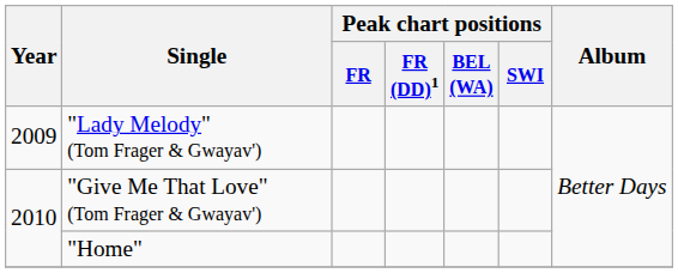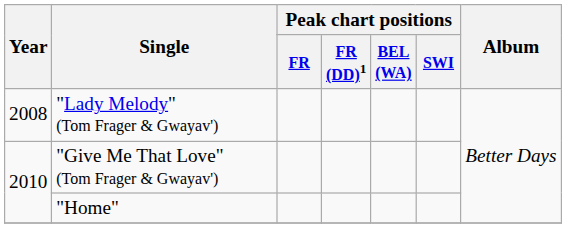 <table class="wikitable">
 <tr>
 <th align="center" rowspan="2">Year</th>
 <th align="center" rowspan="2" width="180">Single</th>
 <th align="center" colspan="4">Peak chart positions</th>
 <th align="center" rowspan="2">Album</th>
 </tr>
 <tr ----->
 <th width="30"><small><a href='#'>FR</a></small></th>
 <th width="30"><small><a href='#'>FR (DD)</a><sup>1</sup></small></th>
 <th width="30"><small><a href='#'>BEL (WA)</a></small></th>
 <th width="30"><small><a href='#'>SWI</a></small></th>
 </tr>
 <tr ----->
-<td align="center">2009</td>
+<td align="center">2008</td>
 <td>"<a href='#'>Lady Melody</a>" <br> <small>(Tom Frager & Gwayav')</small></td>
 <td></td>
 <td></td>
 <td></td>
 <td></td>
 <td rowspan="3"><em>Better Days</em></td>
 </tr>
 <tr>
 <td align="center" rowspan="2">2010</td>
 <td>"Give Me That Love" <br> <small>(Tom Frager & Gwayav')</small></td>
 <td></td>
 <td></td>
 <td></td>
 <td></td>
 </tr>
 <tr>
 <td>"Home"</td>
 <td></td>
 <td></td>
 <td></td>
 <td></td>
 </tr>
 <tr>
 </tr>
 </table>
